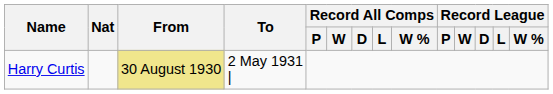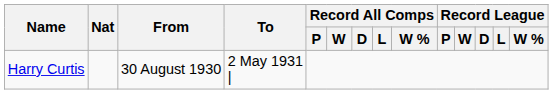 <table class="wikitable" style="text-align: center">
 <tr>
 <th rowspan="2">Name</th>
 <th rowspan="2">Nat</th>
 <th rowspan="2">From</th>
 <th rowspan="2">To</th>
 <th colspan="5">Record All Comps</th>
 <th colspan="5">Record League</th>
 </tr>
 <tr>
 <th>P</th>
 <th>W</th>
 <th>D</th>
 <th>L</th>
 <th>W %</th>
 <th>P</th>
 <th>W</th>
 <th>D</th>
 <th>L</th>
 <th>W %</th>
 </tr>
 <tr>
 <td align=left><a href='#'>Harry Curtis</a></td>
 <td></td>
-<td align=left style="background: khaki;">30 August 1930</td>
+<td align=left>30 August 1930</td>
 <td align=left>2 May 1931<br>|</td>
 </tr>
 </table>
